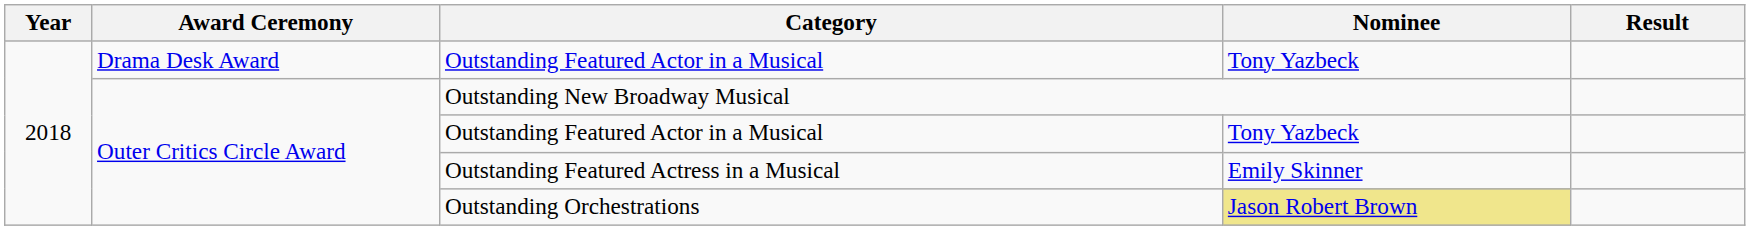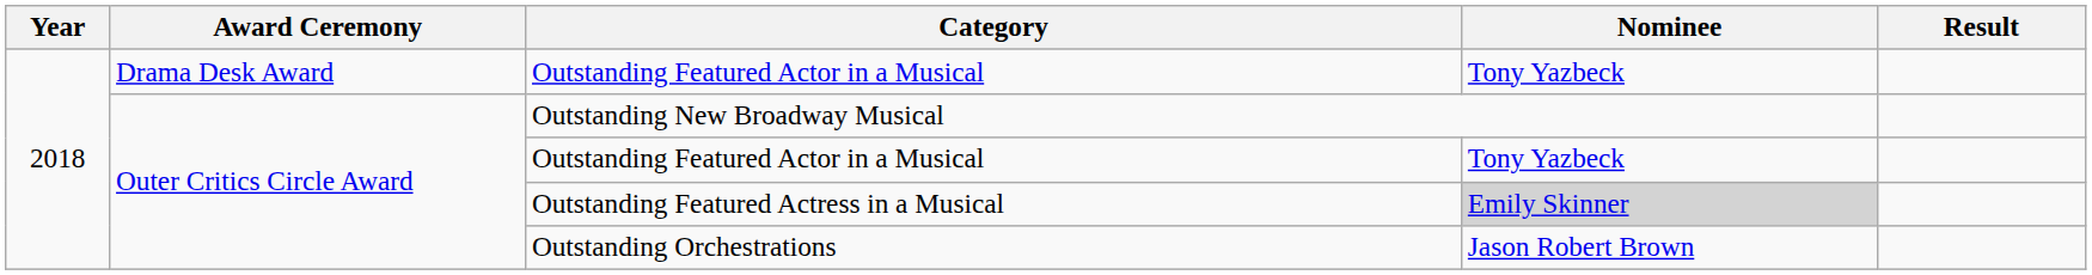 <table class="wikitable" width="95%">
 <tr>
 <th width="5%">Year</th>
 <th width="20%">Award Ceremony</th>
 <th width="45%">Category</th>
 <th width="20%">Nominee</th>
 <th width="10%">Result</th>
 </tr>
 <tr>
 <td rowspan="5" align="center">2018</td>
 <td><a href='#'>Drama Desk Award</a></td>
 <td><a href='#'>Outstanding Featured Actor in a Musical</a></td>
 <td><a href='#'>Tony Yazbeck</a></td>
 <td></td>
 </tr>
 <tr>
 <td rowspan="4"><a href='#'>Outer Critics Circle Award</a></td>
 <td colspan="2">Outstanding New Broadway Musical</td>
 <td></td>
 </tr>
 <tr>
 <td>Outstanding Featured Actor in a Musical</td>
 <td><a href='#'>Tony Yazbeck</a></td>
 <td></td>
 </tr>
 <tr>
 <td>Outstanding Featured Actress in a Musical</td>
-<td><a href='#'>Emily Skinner</a></td>
+<td style="background: lightgrey;"><a href='#'>Emily Skinner</a></td>
 <td></td>
 </tr>
 <tr>
 <td>Outstanding Orchestrations</td>
-<td style="background: khaki;"><a href='#'>Jason Robert Brown</a></td>
+<td><a href='#'>Jason Robert Brown</a></td>
 <td></td>
 </tr>
 </table>
